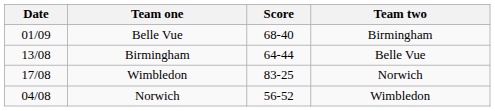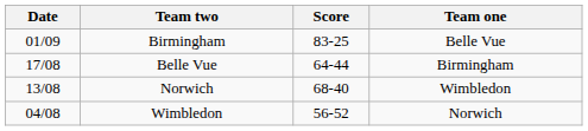 <table class="wikitable" style="text-align: center">
 <tr>
 <th width=80>Date</th>
+<th width=250>Team two</th>
+<th width=80>Score</th>
 <th width=250>Team one</th>
-<th width=80>Score</th>
-<th width=250>Team two</th>
 </tr>
 <tr>
 <td>01/09</td>
+<td>Birmingham</td>
+<td>83-25</td>
 <td>Belle Vue</td>
-<td>68-40</td>
+</tr>
+<tr>
+<td>17/08</td>
+<td>Belle Vue</td>
+<td>64-44</td>
 <td>Birmingham</td>
 </tr>
 <tr>
 <td>13/08</td>
-<td>Birmingham</td>
-<td>64-44</td>
-<td>Belle Vue</td>
-</tr>
-<tr>
-<td>17/08</td>
+<td>Norwich</td>
+<td>68-40</td>
 <td>Wimbledon</td>
-<td>83-25</td>
-<td>Norwich</td>
 </tr>
 <tr>
 <td>04/08</td>
+<td>Wimbledon</td>
+<td>56-52</td>
 <td>Norwich</td>
-<td>56-52</td>
-<td>Wimbledon</td>
 </tr>
 </table>
